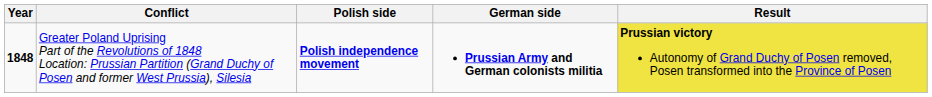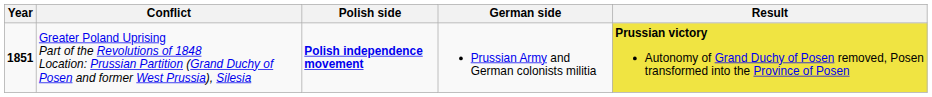 <table class="wikitable">
 <tr>
 <th>Year</th>
 <th>Conflict</th>
 <th>Polish side</th>
 <th>German side</th>
 <th>Result</th>
 </tr>
 <tr>
-<td><strong>1848</strong></td>
+<td><strong>1851</strong></td>
 <td><a href='#'>Greater Poland Uprising</a><br><em>Part of the <a href='#'>Revolutions of 1848</a></em><br><em>Location: <a href='#'>Prussian Partition</a> (<a href='#'>Grand Duchy of Posen</a> and former <a href='#'>West Prussia</a>), <a href='#'>Silesia</a></em></td>
 <td><strong><a href='#'>Polish independence movement</a></strong></td>
-<td><strong><br><ul><li><a href='#'>Prussian Army</a> and German colonists militia</li></ul></strong></td>
+<td><br><ul><li><a href='#'>Prussian Army</a> and German colonists militia</li></ul></td>
 <td bgcolor="#F0E442"><strong>Prussian victory</strong><br><ul><li>Autonomy of <a href='#'>Grand Duchy of Posen</a> removed, Posen transformed into the <a href='#'>Province of Posen</a></li></ul></td>
 </tr>
 </table>
